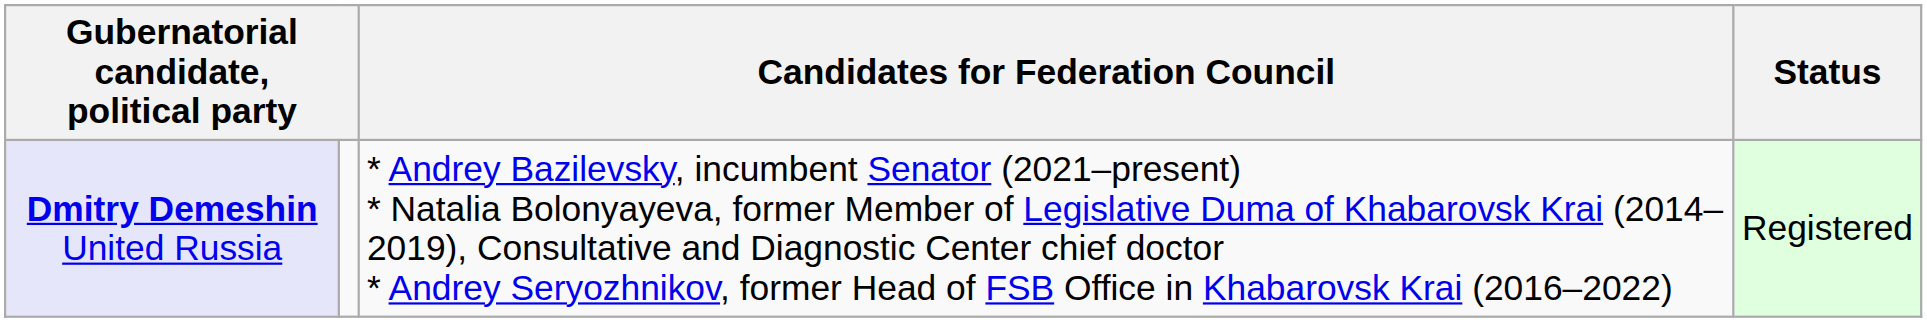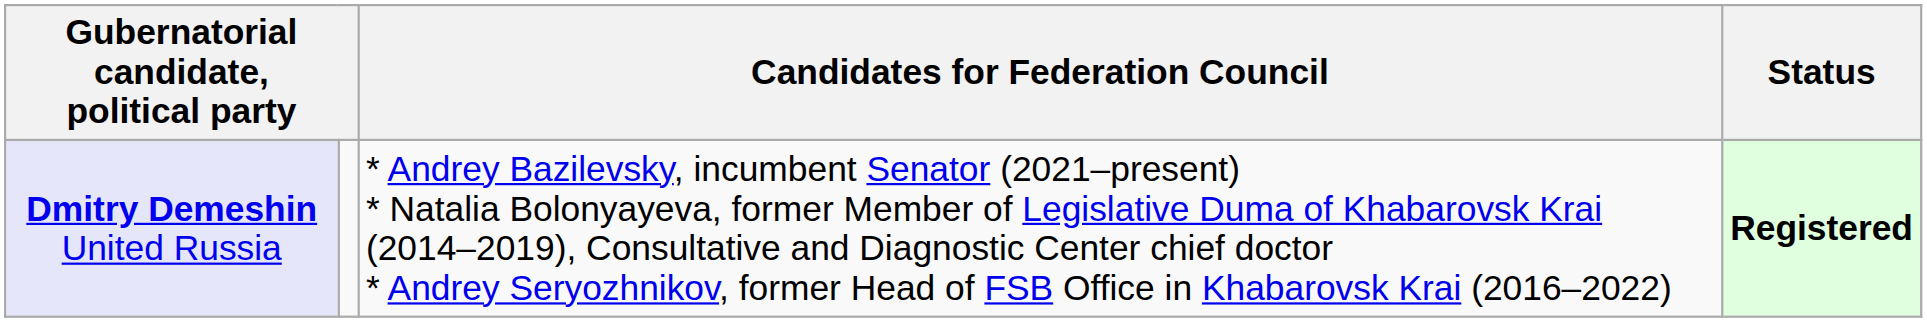 <table class="wikitable" style="text-align:center;">
 <tr>
 <th colspan="2">Gubernatorial candidate,<br>political party</th>
 <th>Candidates for Federation Council</th>
 <th>Status</th>
 </tr>
 <tr>
 <td style="background:lavender;"><strong><a href='#'>Dmitry Demeshin</a></strong><br><a href='#'>United Russia</a></td>
 <td style="background-color:"></td>
 <td align=left>* <a href='#'>Andrey Bazilevsky</a>, incumbent <a href='#'>Senator</a> (2021–present)<br>* Natalia Bolonyayeva, former Member of <a href='#'>Legislative Duma of Khabarovsk Krai</a> (2014–2019), Consultative and Diagnostic Center chief doctor<br>* <a href='#'>Andrey Seryozhnikov</a>, former Head of <a href='#'>FSB</a> Office in <a href='#'>Khabarovsk Krai</a> (2016–2022)</td>
-<td bgcolor="#DFFFDF">Registered</td>
+<td bgcolor="#DFFFDF"><strong>Registered</strong></td>
 </tr>
 </table>
